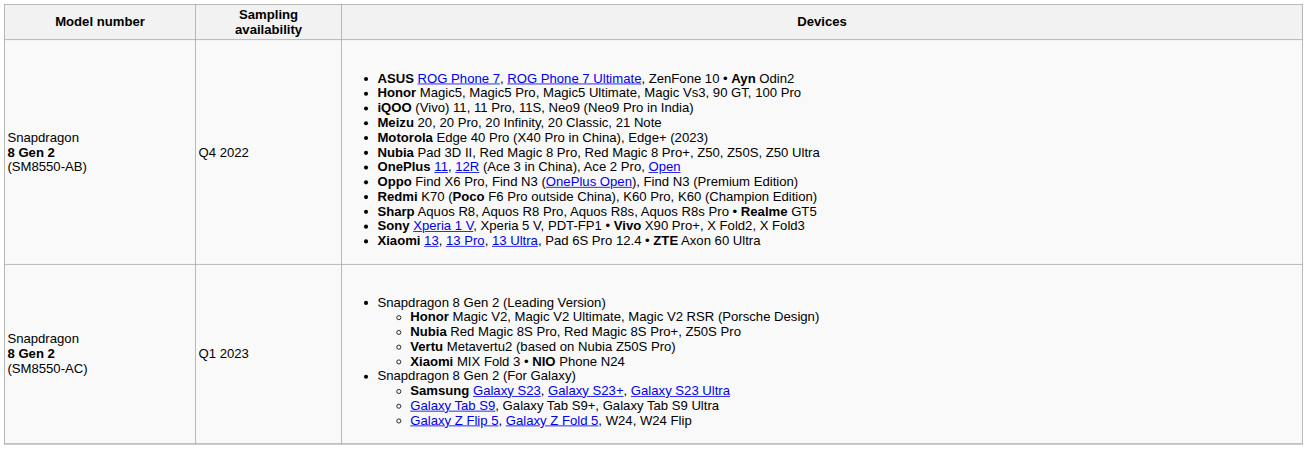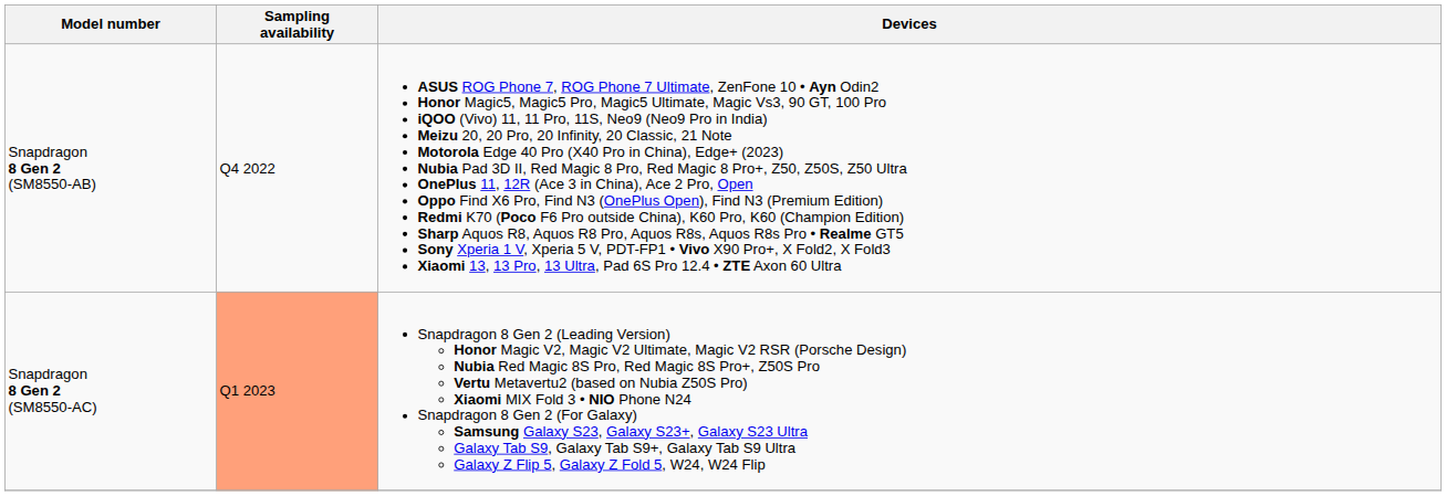 <table class="wikitable" style="width:100%">
 <tr>
 <th>Model number</th>
 <th>Sampling<br>availability</th>
 <th>Devices</th>
 </tr>
 <tr>
 <td>Snapdragon<br><b>8 Gen 2</b><br>(SM8550-AB)</td>
 <td>Q4 2022</td>
 <td><br><ul><li><strong>ASUS</strong> <a href='#'>ROG Phone 7</a>, <a href='#'>ROG Phone 7 Ultimate</a>, ZenFone 10 • <strong>Ayn</strong> Odin2</li><li><strong>Honor</strong> Magic5, Magic5 Pro, Magic5 Ultimate, Magic Vs3, 90 GT, 100 Pro</li><li><strong>iQOO</strong> (Vivo) 11, 11 Pro, 11S, Neo9 (Neo9 Pro in India)</li><li><strong>Meizu</strong> 20, 20 Pro, 20 Infinity, 20 Classic, 21 Note</li><li><strong>Motorola</strong> Edge 40 Pro (X40 Pro in China), Edge+ (2023)</li><li><strong>Nubia</strong> Pad 3D II, Red Magic 8 Pro, Red Magic 8 Pro+, Z50, Z50S, Z50 Ultra</li><li><strong>OnePlus</strong> <a href='#'>11</a>, <a href='#'>12R</a> (Ace 3 in China), Ace 2 Pro, <a href='#'>Open</a></li><li><strong>Oppo</strong> Find X6 Pro, Find N3 (<a href='#'>OnePlus Open</a>), Find N3 (Premium Edition)</li><li><strong>Redmi</strong> K70 (<strong>Poco</strong> F6 Pro outside China), K60 Pro, K60 (Champion Edition)</li><li><strong>Sharp</strong> Aquos R8, Aquos R8 Pro, Aquos R8s, Aquos R8s Pro • <strong>Realme</strong> GT5</li><li><strong>Sony</strong> <a href='#'>Xperia 1 V</a>, Xperia 5 V, PDT-FP1 • <strong>Vivo</strong> X90 Pro+, X Fold2, X Fold3</li><li><strong>Xiaomi</strong> <a href='#'>13</a>, <a href='#'>13 Pro</a>, <a href='#'>13 Ultra</a>, Pad 6S Pro 12.4 • <strong>ZTE</strong> Axon 60 Ultra</li></ul></td>
 </tr>
 <tr>
 <td>Snapdragon<br><b>8 Gen 2</b><br>(SM8550-AC)</td>
-<td>Q1 2023</td>
+<td style="background: lightsalmon;">Q1 2023</td>
 <td><br><ul><li>Snapdragon 8 Gen 2 (Leading Version)<ul><li><strong>Honor</strong> Magic V2, Magic V2 Ultimate, Magic V2 RSR (Porsche Design)</li><li><strong>Nubia</strong> Red Magic 8S Pro, Red Magic 8S Pro+, Z50S Pro</li><li><strong>Vertu</strong> Metavertu2 (based on Nubia Z50S Pro)</li><li><strong>Xiaomi</strong> MIX Fold 3 • <strong>NIO</strong> Phone N24</li></ul></li><li>Snapdragon 8 Gen 2 (For Galaxy)<ul><li><strong>Samsung</strong> <a href='#'>Galaxy S23</a>, <a href='#'>Galaxy S23+</a>, <a href='#'>Galaxy S23 Ultra</a></li><li><a href='#'>Galaxy Tab S9</a>, Galaxy Tab S9+, Galaxy Tab S9 Ultra</li><li><a href='#'>Galaxy Z Flip 5</a>, <a href='#'>Galaxy Z Fold 5</a>, W24, W24 Flip</li></ul></li></ul></td>
 </tr>
 <tr>
 </tr>
 </table>
